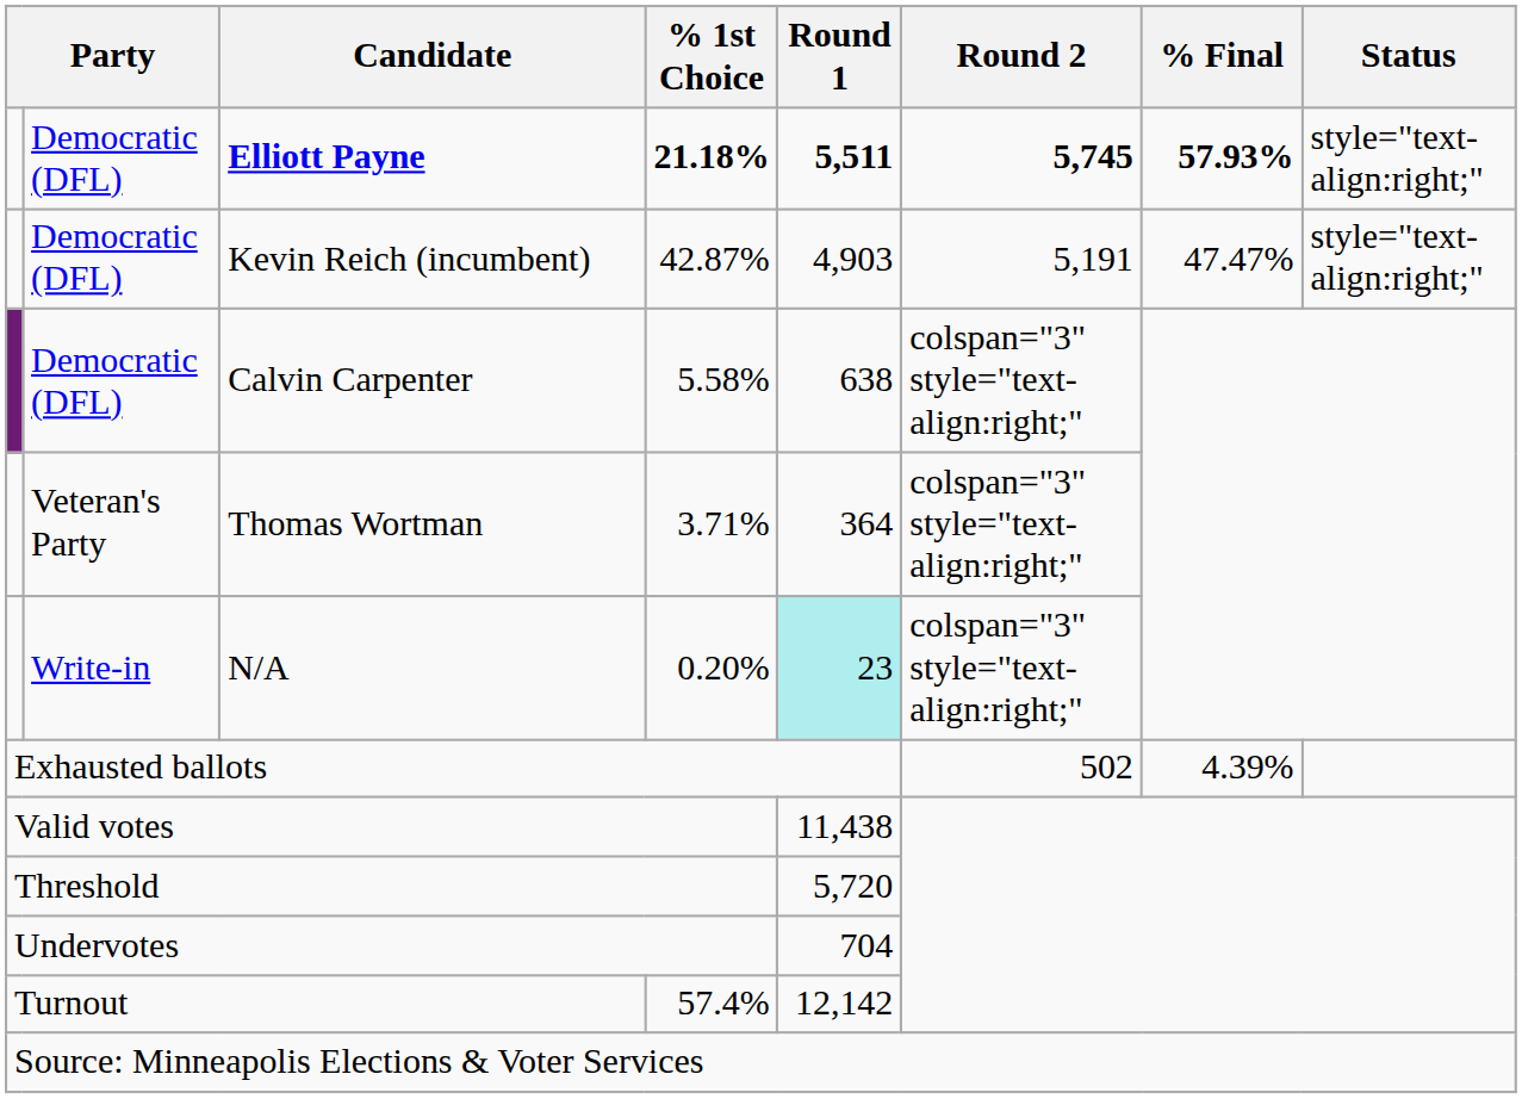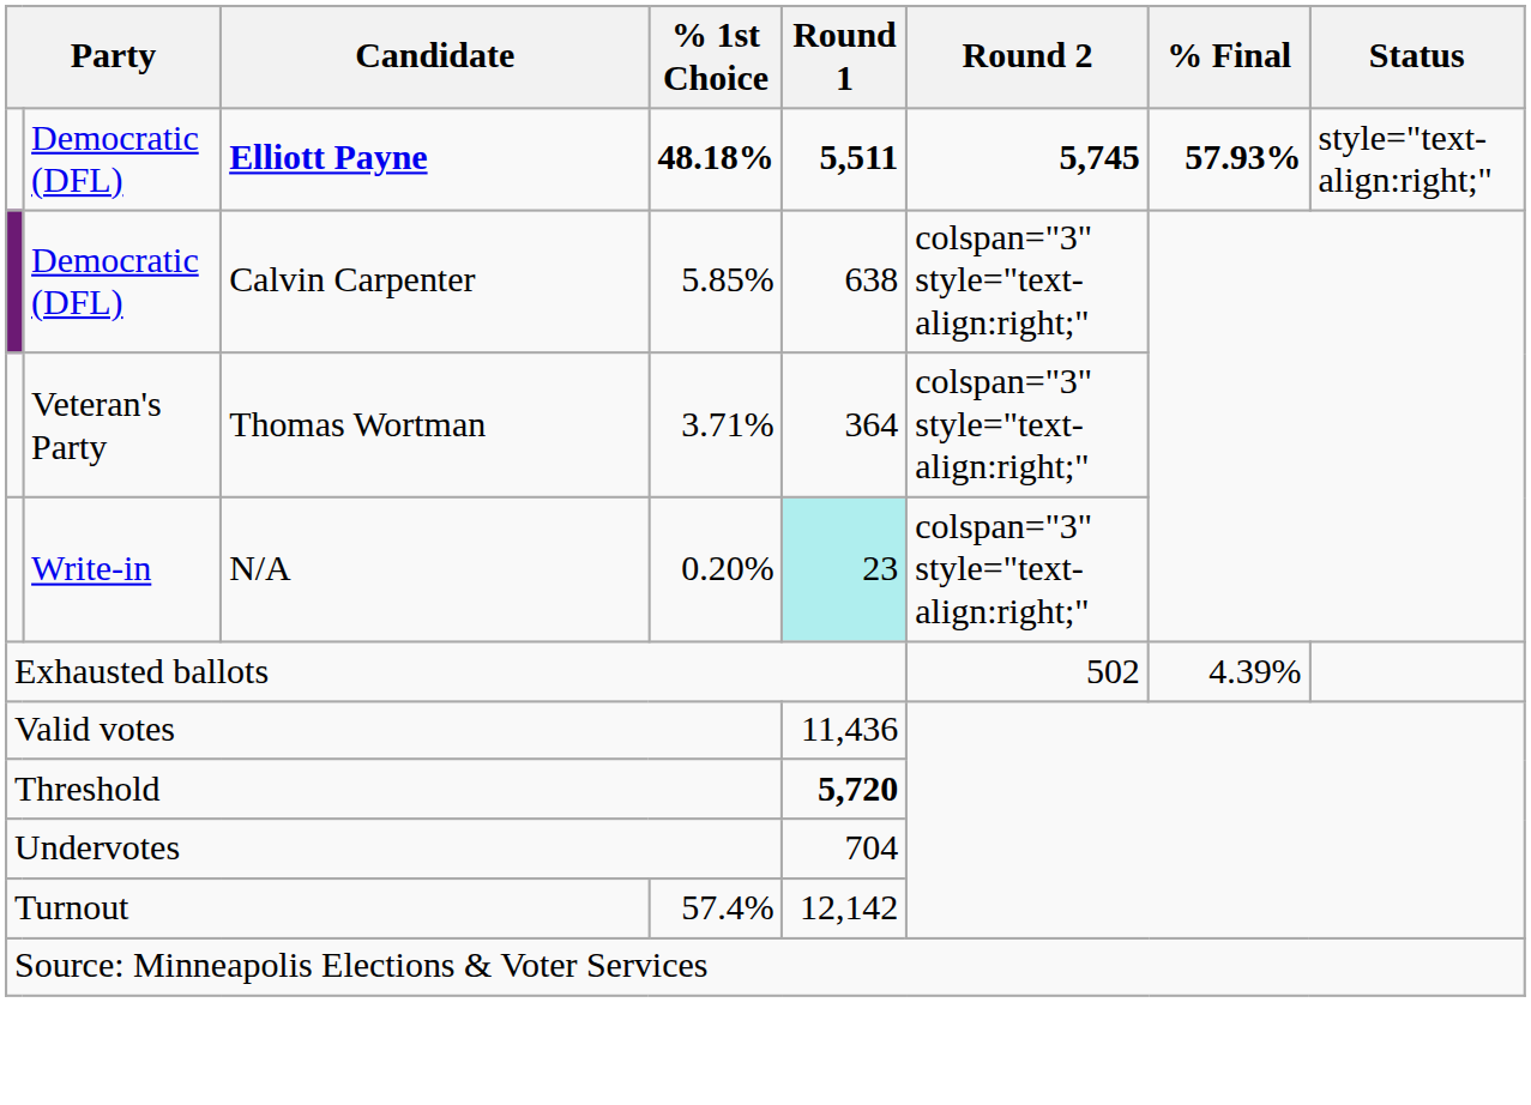 <table class="wikitable" style="font-size: 90%;">
 <tr>
 <th colspan="2" style="width:90px">Party</th>
 <th style="width:165px">Candidate</th>
 <th>% 1st<br>Choice</th>
 <th>Round 1</th>
 <th>Round 2</th>
 <th style="width:58px;">% Final</th>
 <th>Status</th>
 </tr>
 <tr>
 <td style="background-color:"></td>
 <td><a href='#'>Democratic (DFL)</a></td>
 <td><strong><a href='#'>Elliott Payne</a></strong></td>
-<td align="right"><strong>21.18%</strong></td>
+<td align="right"><strong>48.18%</strong></td>
 <td align="right"><strong>5,511</strong></td>
 <td align="right"><strong>5,745</strong></td>
 <td align="right"><strong>57.93%</strong></td>
 <td>style="text-align:right;" </td>
 </tr>
 <tr>
-<td style="background-color:"></td>
-<td><a href='#'>Democratic (DFL)</a></td>
-<td>Kevin Reich (incumbent)</td>
-<td align="right">42.87%</td>
-<td align="right">4,903</td>
-<td align="right">5,191</td>
-<td align="right">47.47%</td>
-<td>style="text-align:right;" </td>
-</tr>
-<tr>
 <td style="background-color:#6c1a74"></td>
 <td><a href='#'>Democratic (DFL)</a></td>
 <td>Calvin Carpenter</td>
-<td align="right">5.58%</td>
+<td align="right">5.85%</td>
 <td align="right">638</td>
 <td>colspan="3" style="text-align:right;" </td>
 </tr>
 <tr>
 <td style="background-color:"></td>
 <td>Veteran's Party</td>
 <td>Thomas Wortman</td>
 <td align="right">3.71%</td>
 <td align="right">364</td>
 <td>colspan="3" style="text-align:right;" </td>
 </tr>
 <tr>
 <td style="background-color:"></td>
 <td><a href='#'>Write-in</a></td>
 <td>N/A</td>
 <td align="right">0.20%</td>
 <td align="right" style="background: paleturquoise;">23</td>
 <td>colspan="3" style="text-align:right;" </td>
 </tr>
 <tr>
 <td colspan="5">Exhausted ballots</td>
 <td align="right">502</td>
 <td align="right">4.39%</td>
 <td></td>
 </tr>
 <tr>
 <td colspan="4">Valid votes</td>
-<td align="right">11,438</td>
+<td align="right">11,436</td>
 <td colspan="3" rowspan="4"></td>
 </tr>
 <tr>
 <td colspan="4">Threshold</td>
-<td align="right">5,720</td>
+<td align="right"><strong>5,720</strong></td>
 </tr>
 <tr>
 <td colspan="4">Undervotes</td>
 <td align="right">704</td>
 </tr>
 <tr>
 <td colspan="3">Turnout</td>
 <td align="right">57.4%</td>
 <td align="right">12,142</td>
 </tr>
 <tr>
 <td colspan="8">Source: Minneapolis Elections & Voter Services</td>
 </tr>
 </table>
